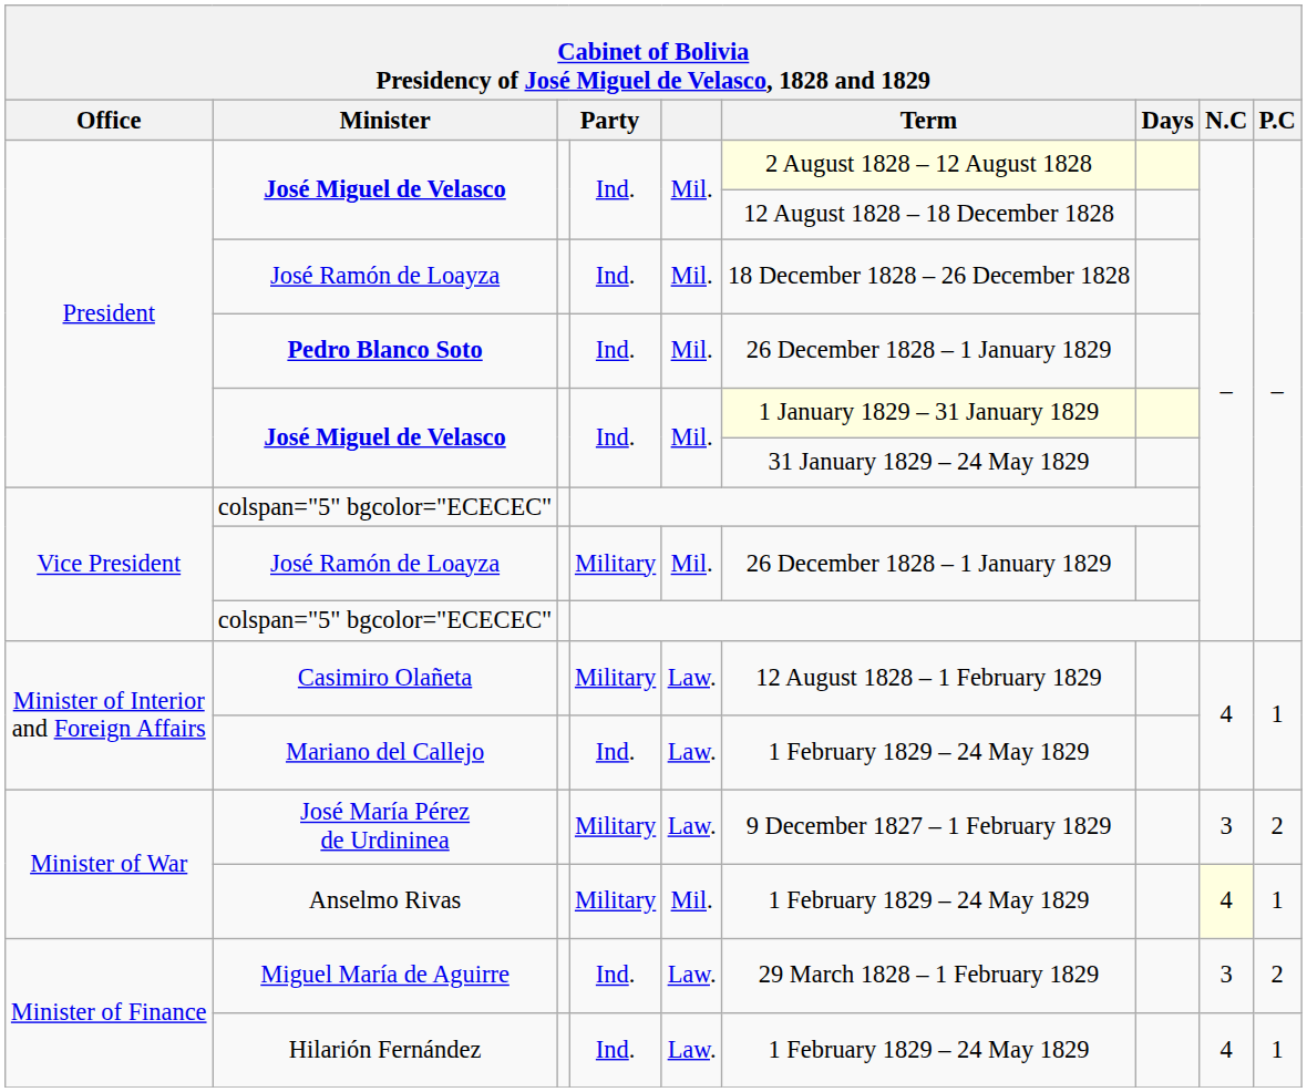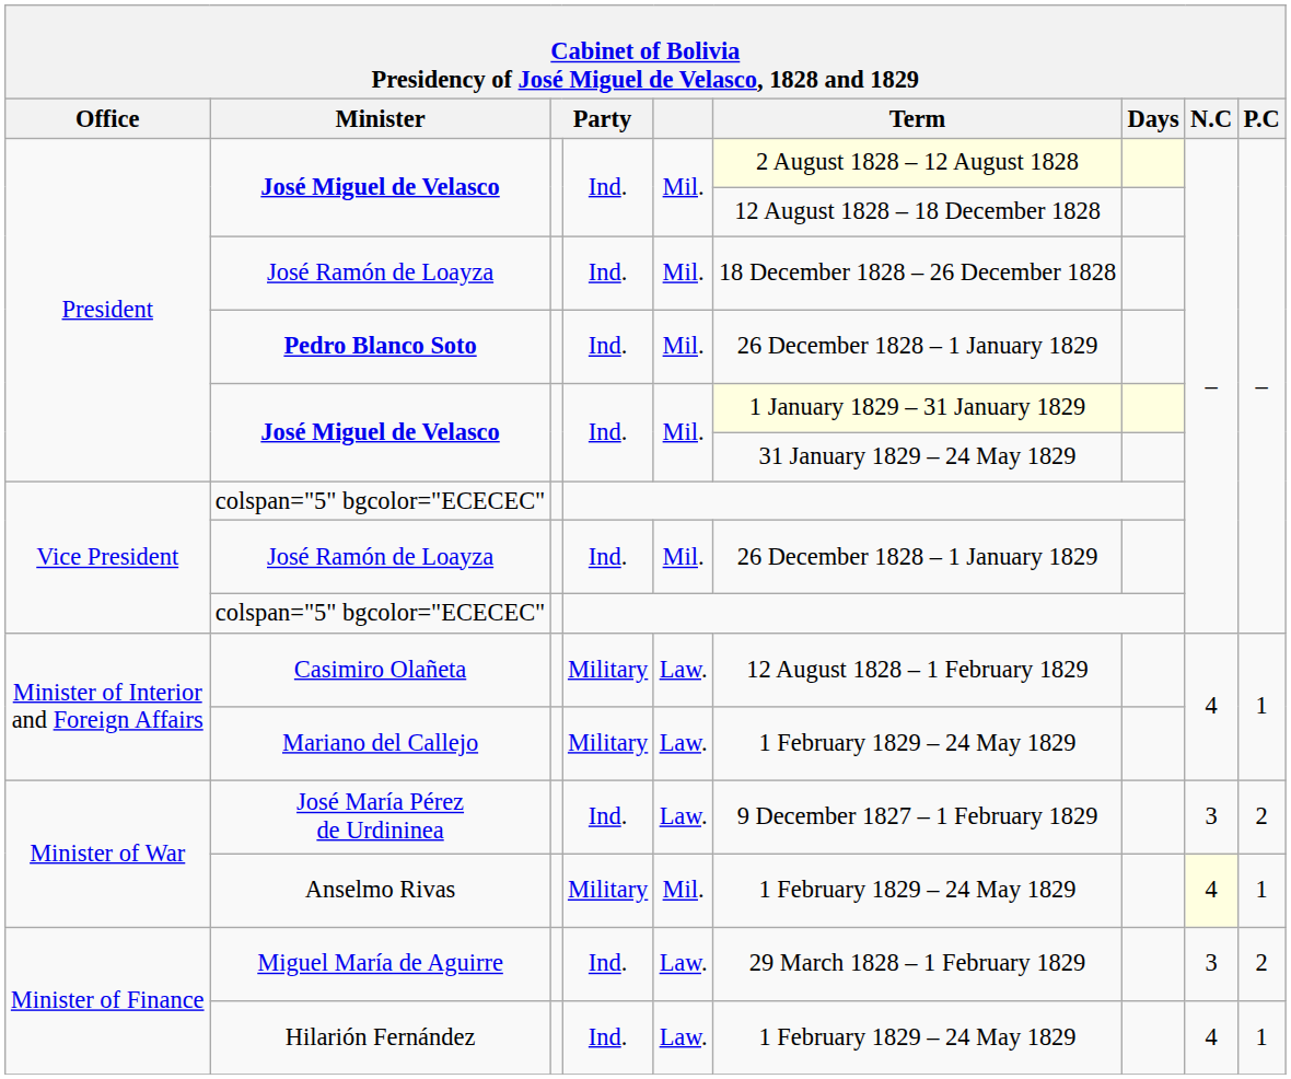 <table class="wikitable" style="text-align:center;">
 <tr>
 <th colspan="9" style="background-color:"><br><a href='#'>Cabinet of Bolivia</a><br>Presidency of <a href='#'>José Miguel de Velasco</a>, 1828 and 1829</th>
 </tr>
 <tr style="font-weight:bold;">
 <th>Office</th>
 <th>Minister</th>
 <th colspan="2">Party</th>
 <th></th>
 <th>Term</th>
 <th>Days</th>
 <th>N.C</th>
 <th>P.C<br></th>
 </tr>
 <tr style="height:2em;">
 <td rowspan="6"><a href='#'>President</a></td>
 <td rowspan="2"><strong><a href='#'>José Miguel de Velasco</a></strong></td>
 <td rowspan="2" style="background:"></td>
 <td rowspan="2"><a href='#'>Ind</a>.</td>
 <td rowspan="2"><a href='#'>Mil</a>.</td>
 <td style="background-color:#FFFFE0">2 August 1828 – 12 August 1828</td>
 <td style="background-color:#FFFFE0"></td>
 <td rowspan="9">–</td>
 <td rowspan="9">–</td>
 </tr>
 <tr style="height:2em;">
 <td>12 August 1828 – 18 December 1828</td>
 <td></td>
 </tr>
 <tr style="height:3em;" style="background-color:#FFFFE0">
 <td><a href='#'>José Ramón de Loayza</a></td>
 <td style="background:"></td>
 <td><a href='#'>Ind</a>.</td>
 <td><a href='#'>Mil</a>.</td>
 <td>18 December 1828 – 26 December 1828</td>
 <td></td>
 </tr>
 <tr style="height:3em;">
 <td><strong><a href='#'>Pedro Blanco Soto</a></strong></td>
 <td style="background:"></td>
 <td><a href='#'>Ind</a>.</td>
 <td><a href='#'>Mil</a>.</td>
 <td>26 December 1828 – 1 January 1829</td>
 <td></td>
 </tr>
 <tr style="height:2em;">
 <td rowspan="2"><strong><a href='#'>José Miguel de Velasco</a></strong></td>
 <td rowspan="2" style="background:"></td>
 <td rowspan="2"><a href='#'>Ind</a>.</td>
 <td rowspan="2"><a href='#'>Mil</a>.</td>
 <td style="background-color:#FFFFE0">1 January 1829 – 31 January 1829</td>
 <td style="background-color:#FFFFE0"></td>
 </tr>
 <tr style="height:2em;">
 <td>31 January 1829 – 24 May 1829</td>
 <td><br></td>
 </tr>
 <tr>
 <td rowspan="3"><a href='#'>Vice President</a></td>
 <td>colspan="5" bgcolor="ECECEC" </td>
 <td></td>
 </tr>
 <tr style="height:3em;">
 <td><a href='#'>José Ramón de Loayza</a></td>
 <td style="background:"></td>
-<td><a href='#'>Military</a></td>
+<td><a href='#'>Ind</a>.</td>
 <td><a href='#'>Mil</a>.</td>
 <td>26 December 1828 – 1 January 1829</td>
 <td></td>
 </tr>
 <tr>
 <td>colspan="5" bgcolor="ECECEC" </td>
 <td><br></td>
 </tr>
 <tr style="height:3em;">
 <td rowspan="2"><a href='#'>Minister of Interior</a><br>and <a href='#'>Foreign Affairs</a></td>
 <td><a href='#'>Casimiro Olañeta</a></td>
 <td style="background:"></td>
 <td><a href='#'>Military</a></td>
 <td><a href='#'>Law</a>.</td>
 <td>12 August 1828 – 1 February 1829</td>
 <td></td>
 <td rowspan="2">4</td>
 <td rowspan="2">1</td>
 </tr>
 <tr style="height:3em;">
 <td><a href='#'>Mariano del Callejo</a></td>
 <td style="background:"></td>
-<td><a href='#'>Ind</a>.</td>
+<td><a href='#'>Military</a></td>
 <td><a href='#'>Law</a>.</td>
 <td>1 February 1829 – 24 May 1829</td>
 <td><br></td>
 </tr>
 <tr style="height:3em;">
 <td rowspan="2"><a href='#'>Minister of War</a></td>
 <td><a href='#'>José María Pérez<br>de Urdininea</a></td>
 <td style="background:"></td>
-<td><a href='#'>Military</a></td>
+<td><a href='#'>Ind</a>.</td>
 <td><a href='#'>Law</a>.</td>
 <td>9 December 1827 – 1 February 1829</td>
 <td></td>
 <td>3</td>
 <td>2</td>
 </tr>
 <tr style="height:3em;">
 <td>Anselmo Rivas</td>
 <td style="background:"></td>
 <td><a href='#'>Military</a></td>
 <td><a href='#'>Mil</a>.</td>
 <td>1 February 1829 – 24 May 1829</td>
 <td></td>
 <td style="background: lightyellow;">4</td>
 <td>1<br></td>
 </tr>
 <tr style="height:3em;">
 <td rowspan="2"><a href='#'>Minister of Finance</a></td>
 <td><a href='#'>Miguel María de Aguirre</a></td>
 <td style="background:"></td>
 <td><a href='#'>Ind</a>.</td>
 <td><a href='#'>Law</a>.</td>
 <td>29 March 1828 – 1 February 1829</td>
 <td></td>
 <td>3</td>
 <td>2</td>
 </tr>
 <tr style="height:3em;">
 <td>Hilarión Fernández</td>
 <td style="background:"></td>
 <td><a href='#'>Ind</a>.</td>
 <td><a href='#'>Law</a>.</td>
 <td>1 February 1829 – 24 May 1829</td>
 <td></td>
 <td>4</td>
 <td>1</td>
 </tr>
 </table>
